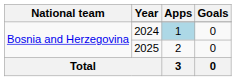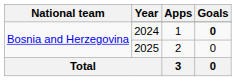 <table class="wikitable" style="text-align:center">
 <tr>
 <th>National team</th>
 <th>Year</th>
 <th>Apps</th>
 <th>Goals</th>
 </tr>
 <tr>
 <td rowspan=3><a href='#'>Bosnia and Herzegovina</a></td>
 </tr>
 <tr>
 <td>2024</td>
-<td style="background: lightblue;">1</td>
-<td>0</td>
+<td>1</td>
+<td><strong>0</strong></td>
 </tr>
 <tr>
 <td>2025</td>
 <td>2</td>
 <td>0</td>
 </tr>
 <tr>
 <th colspan=2>Total</th>
 <th>3</th>
 <th>0</th>
 </tr>
 </table>
